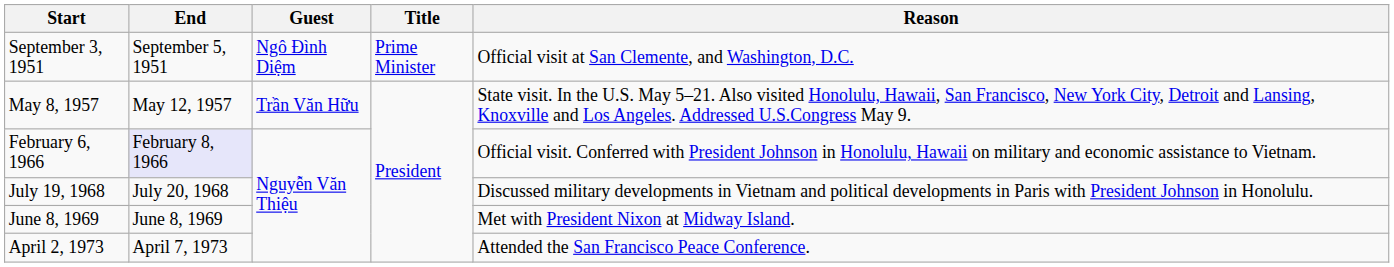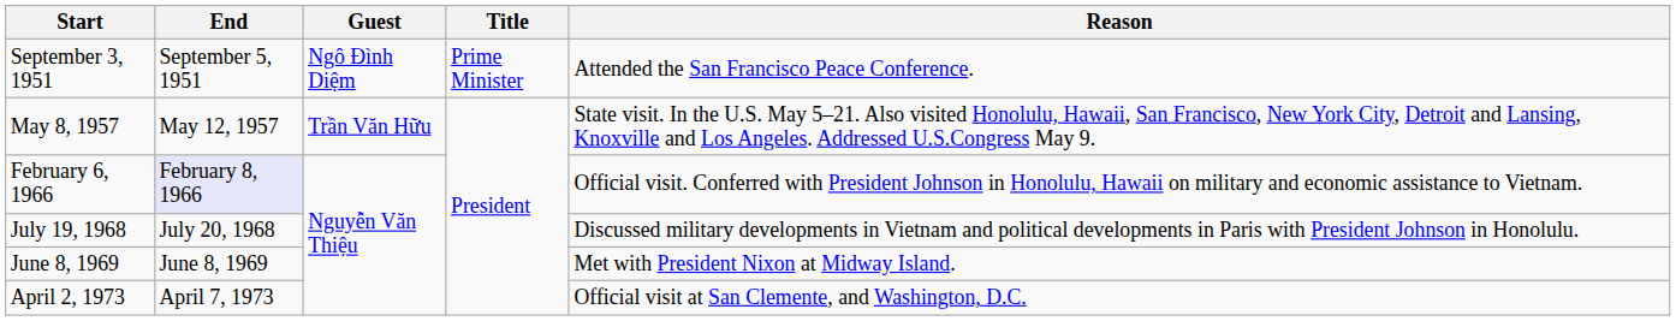 <table class="wikitable sortable">
 <tr>
 <th>Start</th>
 <th>End</th>
 <th>Guest</th>
 <th>Title</th>
 <th>Reason</th>
 </tr>
 <tr>
 <td>September 3, 1951</td>
 <td>September 5, 1951</td>
 <td><a href='#'>Ngô Đình Diệm</a></td>
 <td><a href='#'>Prime Minister</a></td>
-<td>Official visit at <a href='#'>San Clemente</a>, and <a href='#'>Washington, D.C.</a></td>
+<td>Attended the <a href='#'>San Francisco Peace Conference</a>.</td>
 </tr>
 <tr>
 <td>May 8, 1957</td>
 <td>May 12, 1957</td>
 <td><a href='#'>Trần Văn Hữu</a></td>
 <td rowspan=5><a href='#'>President</a></td>
 <td>State visit. In the U.S. May 5–21. Also visited <a href='#'>Honolulu, Hawaii</a>, <a href='#'>San Francisco</a>, <a href='#'>New York City</a>, <a href='#'>Detroit</a> and <a href='#'>Lansing</a>, <a href='#'>Knoxville</a> and <a href='#'>Los Angeles</a>. <a href='#'>Addressed U.S.Congress</a> May 9.</td>
 </tr>
 <tr>
 <td>February 6, 1966</td>
 <td style="background: lavender;">February 8, 1966</td>
 <td rowspan=4><a href='#'>Nguyễn Văn Thiệu</a></td>
 <td>Official visit. Conferred with <a href='#'>President Johnson</a> in <a href='#'>Honolulu, Hawaii</a> on military and economic assistance to Vietnam.</td>
 </tr>
 <tr>
 <td>July 19, 1968</td>
 <td>July 20, 1968</td>
 <td>Discussed military developments in Vietnam and political developments in Paris with <a href='#'>President Johnson</a> in Honolulu.</td>
 </tr>
 <tr>
 <td>June 8, 1969</td>
 <td>June 8, 1969</td>
 <td>Met with <a href='#'>President Nixon</a> at <a href='#'>Midway Island</a>.</td>
 </tr>
 <tr>
 <td>April 2, 1973</td>
 <td>April 7, 1973</td>
-<td>Attended the <a href='#'>San Francisco Peace Conference</a>.</td>
+<td>Official visit at <a href='#'>San Clemente</a>, and <a href='#'>Washington, D.C.</a></td>
 </tr>
 </table>
